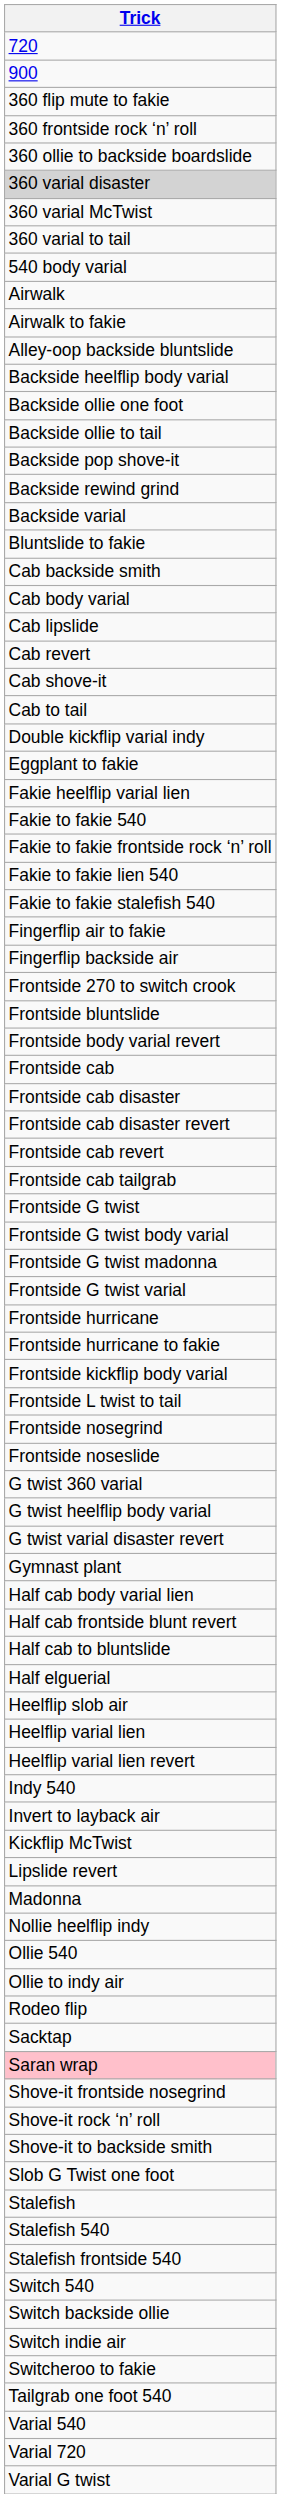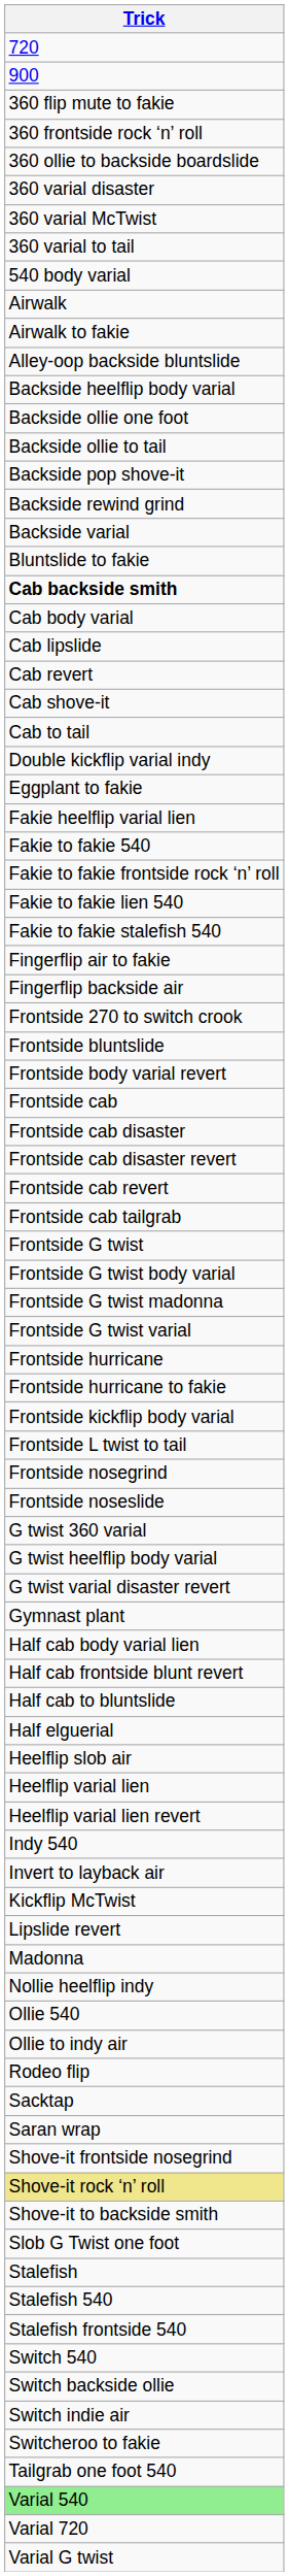 <table class="wikitable mw-collapsible mw-collapsed">
 <tr>
 <th><a href='#'>Trick</a></th>
 </tr>
 <tr>
 <td><a href='#'>720</a></td>
 </tr>
 <tr>
 <td><a href='#'>900</a></td>
 </tr>
 <tr>
 <td>360 flip mute to fakie</td>
 </tr>
 <tr>
 <td>360 frontside rock ‘n’ roll</td>
 </tr>
 <tr>
 <td>360 ollie to backside boardslide</td>
 </tr>
 <tr>
-<td style="background: lightgrey;">360 varial disaster</td>
+<td>360 varial disaster</td>
 </tr>
 <tr>
 <td>360 varial McTwist</td>
 </tr>
 <tr>
 <td>360 varial to tail</td>
 </tr>
 <tr>
 <td>540 body varial</td>
 </tr>
 <tr>
 <td>Airwalk</td>
 </tr>
 <tr>
 <td>Airwalk to fakie</td>
 </tr>
 <tr>
 <td>Alley-oop backside bluntslide</td>
 </tr>
 <tr>
 <td>Backside heelflip body varial</td>
 </tr>
 <tr>
 <td>Backside ollie one foot</td>
 </tr>
 <tr>
 <td>Backside ollie to tail</td>
 </tr>
 <tr>
 <td>Backside pop shove-it</td>
 </tr>
 <tr>
 <td>Backside rewind grind</td>
 </tr>
 <tr>
 <td>Backside varial</td>
 </tr>
 <tr>
 <td>Bluntslide to fakie</td>
 </tr>
 <tr>
-<td>Cab backside smith</td>
+<td><strong>Cab backside smith</strong></td>
 </tr>
 <tr>
 <td>Cab body varial</td>
 </tr>
 <tr>
 <td>Cab lipslide</td>
 </tr>
 <tr>
 <td>Cab revert</td>
 </tr>
 <tr>
 <td>Cab shove-it</td>
 </tr>
 <tr>
 <td>Cab to tail</td>
 </tr>
 <tr>
 <td>Double kickflip varial indy</td>
 </tr>
 <tr>
 <td>Eggplant to fakie</td>
 </tr>
 <tr>
 <td>Fakie heelflip varial lien</td>
 </tr>
 <tr>
 <td>Fakie to fakie 540</td>
 </tr>
 <tr>
 <td>Fakie to fakie frontside rock ‘n’ roll</td>
 </tr>
 <tr>
 <td>Fakie to fakie lien 540</td>
 </tr>
 <tr>
 <td>Fakie to fakie stalefish 540</td>
 </tr>
 <tr>
 <td>Fingerflip air to fakie</td>
 </tr>
 <tr>
 <td>Fingerflip backside air</td>
 </tr>
 <tr>
 <td>Frontside 270 to switch crook</td>
 </tr>
 <tr>
 <td>Frontside bluntslide</td>
 </tr>
 <tr>
 <td>Frontside body varial revert</td>
 </tr>
 <tr>
 <td>Frontside cab</td>
 </tr>
 <tr>
 <td>Frontside cab disaster</td>
 </tr>
 <tr>
 <td>Frontside cab disaster revert</td>
 </tr>
 <tr>
 <td>Frontside cab revert</td>
 </tr>
 <tr>
 <td>Frontside cab tailgrab</td>
 </tr>
 <tr>
 <td>Frontside G twist</td>
 </tr>
 <tr>
 <td>Frontside G twist body varial</td>
 </tr>
 <tr>
 <td>Frontside G twist madonna</td>
 </tr>
 <tr>
 <td>Frontside G twist varial</td>
 </tr>
 <tr>
 <td>Frontside hurricane</td>
 </tr>
 <tr>
 <td>Frontside hurricane to fakie</td>
 </tr>
 <tr>
 <td>Frontside kickflip body varial</td>
 </tr>
 <tr>
 <td>Frontside L twist to tail</td>
 </tr>
 <tr>
 <td>Frontside nosegrind</td>
 </tr>
 <tr>
 <td>Frontside noseslide</td>
 </tr>
 <tr>
 <td>G twist 360 varial</td>
 </tr>
 <tr>
 <td>G twist heelflip body varial</td>
 </tr>
 <tr>
 <td>G twist varial disaster revert</td>
 </tr>
 <tr>
 <td>Gymnast plant</td>
 </tr>
 <tr>
 <td>Half cab body varial lien</td>
 </tr>
 <tr>
 <td>Half cab frontside blunt revert</td>
 </tr>
 <tr>
 <td>Half cab to bluntslide</td>
 </tr>
 <tr>
 <td>Half elguerial</td>
 </tr>
 <tr>
 <td>Heelflip slob air</td>
 </tr>
 <tr>
 <td>Heelflip varial lien</td>
 </tr>
 <tr>
 <td>Heelflip varial lien revert</td>
 </tr>
 <tr>
 <td>Indy 540</td>
 </tr>
 <tr>
 <td>Invert to layback air</td>
 </tr>
 <tr>
 <td>Kickflip McTwist</td>
 </tr>
 <tr>
 <td>Lipslide revert</td>
 </tr>
 <tr>
 <td>Madonna</td>
 </tr>
 <tr>
 <td>Nollie heelflip indy</td>
 </tr>
 <tr>
 <td>Ollie 540</td>
 </tr>
 <tr>
 <td>Ollie to indy air</td>
 </tr>
 <tr>
 <td>Rodeo flip</td>
 </tr>
 <tr>
 <td>Sacktap</td>
 </tr>
 <tr>
-<td style="background: pink;">Saran wrap</td>
+<td>Saran wrap</td>
 </tr>
 <tr>
 <td>Shove-it frontside nosegrind</td>
 </tr>
 <tr>
-<td>Shove-it rock ‘n’ roll</td>
+<td style="background: khaki;">Shove-it rock ‘n’ roll</td>
 </tr>
 <tr>
 <td>Shove-it to backside smith</td>
 </tr>
 <tr>
 <td>Slob G Twist one foot</td>
 </tr>
 <tr>
 <td>Stalefish</td>
 </tr>
 <tr>
 <td>Stalefish 540</td>
 </tr>
 <tr>
 <td>Stalefish frontside 540</td>
 </tr>
 <tr>
 <td>Switch 540</td>
 </tr>
 <tr>
 <td>Switch backside ollie</td>
 </tr>
 <tr>
 <td>Switch indie air</td>
 </tr>
 <tr>
 <td>Switcheroo to fakie</td>
 </tr>
 <tr>
 <td>Tailgrab one foot 540</td>
 </tr>
 <tr>
-<td>Varial 540</td>
+<td style="background: lightgreen;">Varial 540</td>
 </tr>
 <tr>
 <td>Varial 720</td>
 </tr>
 <tr>
 <td>Varial G twist</td>
 </tr>
 </table>
